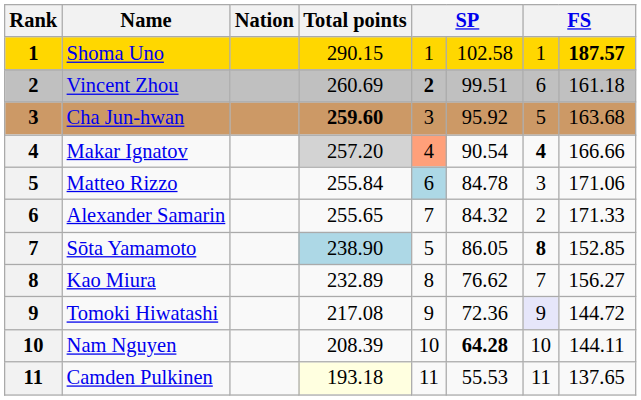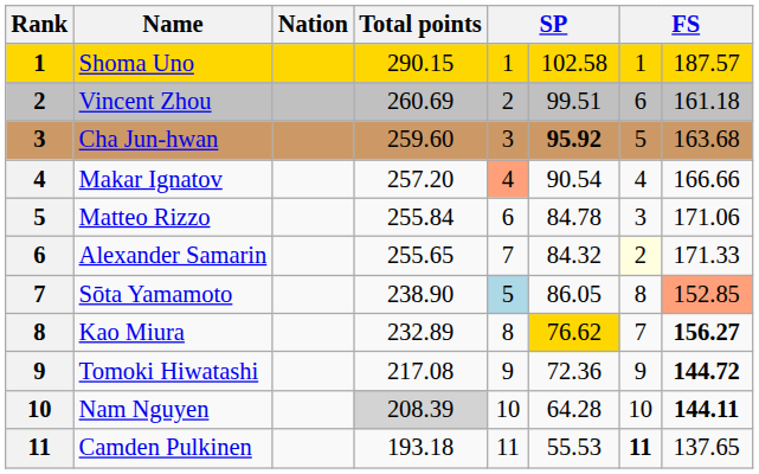 <table class="wikitable sortable">
 <tr>
 <th>Rank</th>
 <th>Name</th>
 <th>Nation</th>
 <th>Total points</th>
 <th colspan="2" width="80px"><a href='#'>SP</a></th>
 <th colspan="2" width="80px"><a href='#'>FS</a></th>
 </tr>
 <tr bgcolor="gold">
 <td align="center"><strong>1</strong></td>
 <td><a href='#'>Shoma Uno</a></td>
 <td></td>
 <td align="center">290.15</td>
 <td align="center">1</td>
 <td align="center">102.58</td>
 <td align="center">1</td>
-<td align="center"><strong>187.57</strong></td>
+<td align="center">187.57</td>
 </tr>
 <tr bgcolor="silver">
 <td align="center"><strong>2</strong></td>
 <td><a href='#'>Vincent Zhou</a></td>
 <td></td>
 <td align="center">260.69</td>
-<td align="center"><strong>2</strong></td>
+<td align="center">2</td>
 <td align="center">99.51</td>
 <td align="center">6</td>
 <td align="center">161.18</td>
 </tr>
 <tr bgcolor="cc9966">
 <td align="center"><strong>3</strong></td>
 <td><a href='#'>Cha Jun-hwan</a></td>
 <td></td>
-<td align="center"><strong>259.60</strong></td>
+<td align="center">259.60</td>
 <td align="center">3</td>
-<td align="center">95.92</td>
+<td align="center"><strong>95.92</strong></td>
 <td align="center">5</td>
 <td align="center">163.68</td>
 </tr>
 <tr>
 <th>4</th>
 <td><a href='#'>Makar Ignatov</a></td>
 <td></td>
-<td align="center" style="background: lightgrey;">257.20</td>
+<td align="center">257.20</td>
 <td align="center" style="background: lightsalmon;">4</td>
 <td align="center">90.54</td>
-<td align="center"><strong>4</strong></td>
+<td align="center">4</td>
 <td align="center">166.66</td>
 </tr>
 <tr>
 <th>5</th>
 <td><a href='#'>Matteo Rizzo</a></td>
 <td></td>
 <td align="center">255.84</td>
-<td align="center" style="background: lightblue;">6</td>
+<td align="center">6</td>
 <td align="center">84.78</td>
 <td align="center">3</td>
 <td align="center">171.06</td>
 </tr>
 <tr>
 <th>6</th>
 <td><a href='#'>Alexander Samarin</a></td>
 <td></td>
 <td align="center">255.65</td>
 <td align="center">7</td>
 <td align="center">84.32</td>
-<td align="center">2</td>
+<td align="center" style="background: lightyellow;">2</td>
 <td align="center">171.33</td>
 </tr>
 <tr>
 <th>7</th>
 <td><a href='#'>Sōta Yamamoto</a></td>
 <td></td>
-<td align="center" style="background: lightblue;">238.90</td>
-<td align="center">5</td>
+<td align="center">238.90</td>
+<td align="center" style="background: lightblue;">5</td>
 <td align="center">86.05</td>
-<td align="center"><strong>8</strong></td>
-<td align="center">152.85</td>
+<td align="center">8</td>
+<td align="center" style="background: lightsalmon;">152.85</td>
 </tr>
 <tr>
 <th>8</th>
 <td><a href='#'>Kao Miura</a></td>
 <td></td>
 <td align="center">232.89</td>
 <td align="center">8</td>
-<td align="center">76.62</td>
+<td align="center" style="background: gold;">76.62</td>
 <td align="center">7</td>
-<td align="center">156.27</td>
+<td align="center"><strong>156.27</strong></td>
 </tr>
 <tr>
 <th>9</th>
 <td><a href='#'>Tomoki Hiwatashi</a></td>
 <td></td>
 <td align="center">217.08</td>
 <td align="center">9</td>
 <td align="center">72.36</td>
-<td align="center" style="background: lavender;">9</td>
-<td align="center">144.72</td>
+<td align="center">9</td>
+<td align="center"><strong>144.72</strong></td>
 </tr>
 <tr>
 <th>10</th>
 <td><a href='#'>Nam Nguyen</a></td>
 <td></td>
-<td align="center">208.39</td>
+<td align="center" style="background: lightgrey;">208.39</td>
 <td align="center">10</td>
-<td align="center"><strong>64.28</strong></td>
+<td align="center">64.28</td>
 <td align="center">10</td>
-<td align="center">144.11</td>
+<td align="center"><strong>144.11</strong></td>
 </tr>
 <tr>
 <th>11</th>
 <td><a href='#'>Camden Pulkinen</a></td>
 <td></td>
-<td align="center" style="background: lightyellow;">193.18</td>
+<td align="center">193.18</td>
 <td align="center">11</td>
 <td align="center">55.53</td>
-<td align="center">11</td>
+<td align="center"><strong>11</strong></td>
 <td align="center">137.65</td>
 </tr>
 </table>
